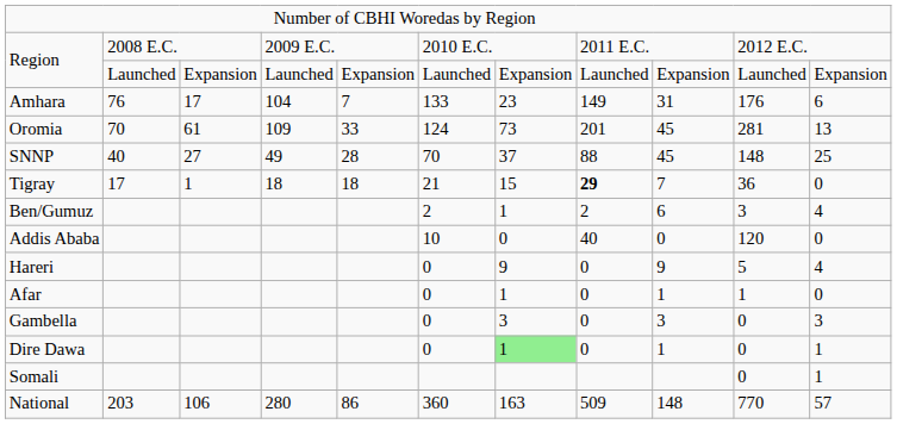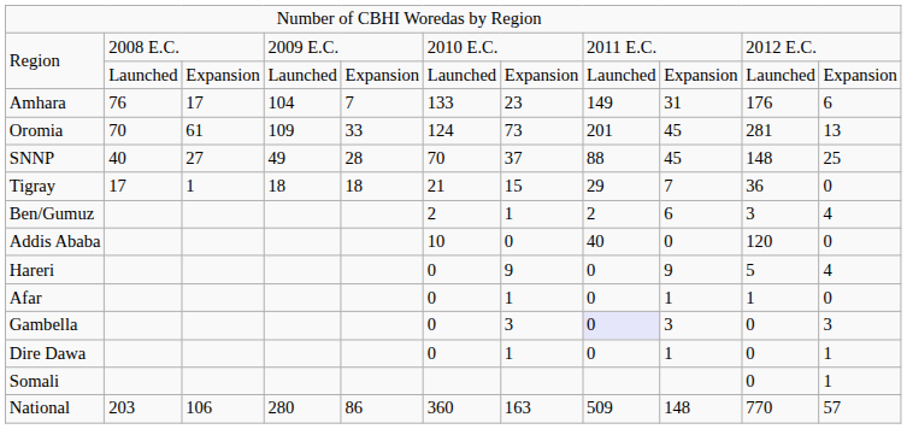 <table class="wikitable">
 <tr>
 <td colspan="11">                                                             Number of CBHI Woredas by Region</td>
 </tr>
 <tr>
 <td rowspan="2">Region</td>
 <td colspan="2">2008 E.C.</td>
 <td colspan="2">2009 E.C.</td>
 <td colspan="2">2010 E.C.</td>
 <td colspan="2">2011 E.C.</td>
 <td colspan="2">2012 E.C.</td>
 </tr>
 <tr>
 <td>Launched</td>
 <td>Expansion</td>
 <td>Launched</td>
 <td>Expansion</td>
 <td>Launched</td>
 <td>Expansion</td>
 <td>Launched</td>
 <td>Expansion</td>
 <td>Launched</td>
 <td>Expansion</td>
 </tr>
 <tr>
 <td>Amhara</td>
 <td>76</td>
 <td>17</td>
 <td>104</td>
 <td>7</td>
 <td>133</td>
 <td>23</td>
 <td>149</td>
 <td>31</td>
 <td>176</td>
 <td>6</td>
 </tr>
 <tr>
 <td>Oromia</td>
 <td>70</td>
 <td>61</td>
 <td>109</td>
 <td>33</td>
 <td>124</td>
 <td>73</td>
 <td>201</td>
 <td>45</td>
 <td>281</td>
 <td>13</td>
 </tr>
 <tr>
 <td>SNNP</td>
 <td>40</td>
 <td>27</td>
 <td>49</td>
 <td>28</td>
 <td>70</td>
 <td>37</td>
 <td>88</td>
 <td>45</td>
 <td>148</td>
 <td>25</td>
 </tr>
 <tr>
 <td>Tigray</td>
 <td>17</td>
 <td>1</td>
 <td>18</td>
 <td>18</td>
 <td>21</td>
 <td>15</td>
-<td><strong>29</strong></td>
+<td>29</td>
 <td>7</td>
 <td>36</td>
 <td>0</td>
 </tr>
 <tr>
 <td>Ben/Gumuz</td>
 <td></td>
 <td></td>
 <td></td>
 <td></td>
 <td>2</td>
 <td>1</td>
 <td>2</td>
 <td>6</td>
 <td>3</td>
 <td>4</td>
 </tr>
 <tr>
 <td>Addis Ababa</td>
 <td></td>
 <td></td>
 <td></td>
 <td></td>
 <td>10</td>
 <td>0</td>
 <td>40</td>
 <td>0</td>
 <td>120</td>
 <td>0</td>
 </tr>
 <tr>
 <td>Hareri</td>
 <td></td>
 <td></td>
 <td></td>
 <td></td>
 <td>0</td>
 <td>9</td>
 <td>0</td>
 <td>9</td>
 <td>5</td>
 <td>4</td>
 </tr>
 <tr>
 <td>Afar</td>
 <td></td>
 <td></td>
 <td></td>
 <td></td>
 <td>0</td>
 <td>1</td>
 <td>0</td>
 <td>1</td>
 <td>1</td>
 <td>0</td>
 </tr>
 <tr>
 <td>Gambella</td>
 <td></td>
 <td></td>
 <td></td>
 <td></td>
 <td>0</td>
 <td>3</td>
-<td>0</td>
+<td style="background: lavender;">0</td>
 <td>3</td>
 <td>0</td>
 <td>3</td>
 </tr>
 <tr>
 <td>Dire Dawa</td>
 <td></td>
 <td></td>
 <td></td>
 <td></td>
 <td>0</td>
-<td style="background: lightgreen;">1</td>
+<td>1</td>
 <td>0</td>
 <td>1</td>
 <td>0</td>
 <td>1</td>
 </tr>
 <tr>
 <td>Somali</td>
 <td></td>
 <td></td>
 <td></td>
 <td></td>
 <td></td>
 <td></td>
 <td></td>
 <td></td>
 <td>0</td>
 <td>1</td>
 </tr>
 <tr>
 <td>National</td>
 <td>203</td>
 <td>106</td>
 <td>280</td>
 <td>86</td>
 <td>360</td>
 <td>163</td>
 <td>509</td>
 <td>148</td>
 <td>770</td>
 <td>57</td>
 </tr>
 </table>
